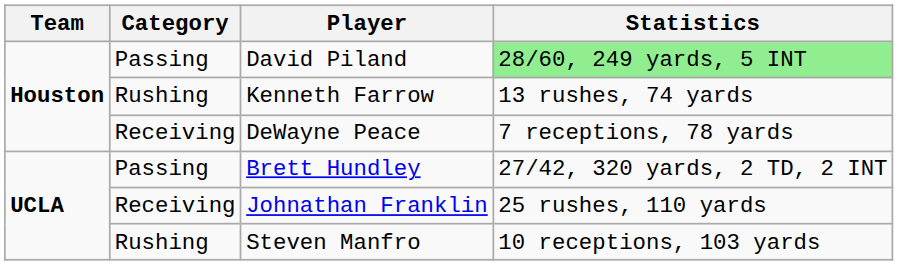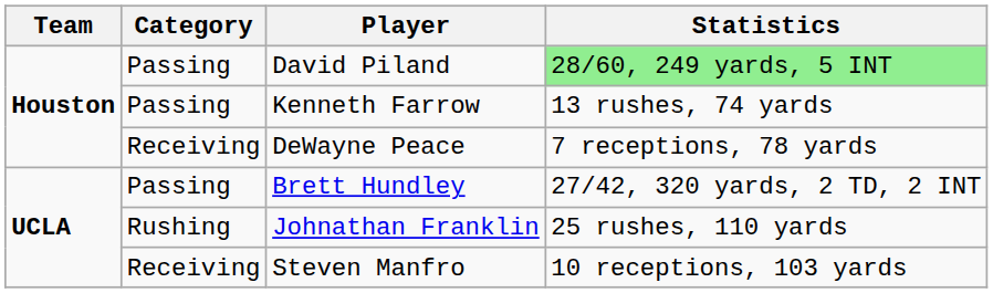 <table class="wikitable" style="float: left;">
 <tr>
 <th>Team</th>
 <th>Category</th>
 <th>Player</th>
 <th>Statistics</th>
 </tr>
 <tr>
 <td rowspan=3><strong>Houston</strong></td>
 <td>Passing</td>
 <td>David Piland</td>
 <td style="background: lightgreen;">28/60, 249 yards, 5 INT</td>
 </tr>
 <tr>
-<td>Rushing</td>
+<td>Passing</td>
 <td>Kenneth Farrow</td>
 <td>13 rushes, 74 yards</td>
 </tr>
 <tr>
 <td>Receiving</td>
 <td>DeWayne Peace</td>
 <td>7 receptions, 78 yards</td>
 </tr>
 <tr>
 <td rowspan=3><strong>UCLA</strong></td>
 <td>Passing</td>
 <td><a href='#'>Brett Hundley</a></td>
 <td>27/42, 320 yards, 2 TD, 2 INT</td>
 </tr>
 <tr>
-<td>Receiving</td>
+<td>Rushing</td>
 <td><a href='#'>Johnathan Franklin</a></td>
 <td>25 rushes, 110 yards</td>
 </tr>
 <tr>
-<td>Rushing</td>
+<td>Receiving</td>
 <td>Steven Manfro</td>
 <td>10 receptions, 103 yards</td>
 </tr>
 </table>
